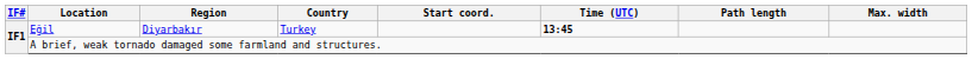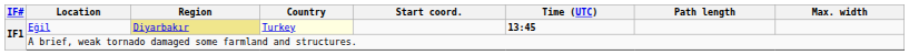 <table class="wikitable sortable" style="width:100%;">
 <tr>
 <th scope="col" width="2%" align="center"><a href='#'>IF#</a></th>
 <th scope="col" align="center" class="unsortable">Location</th>
 <th scope="col" align="center" class="unsortable">Region</th>
 <th scope="col" align="center">Country</th>
 <th scope="col" align="center">Start coord.</th>
 <th scope="col" align="center">Time (<a href='#'>UTC</a>)</th>
 <th scope="col" align="center">Path length</th>
 <th scope="col" align="center">Max. width</th>
 </tr>
 <tr>
 <th scope="row" rowspan="2" style="background-color:#">IF1</th>
 <td><a href='#'>Eğil</a></td>
-<td><a href='#'>Diyarbakır</a></td>
-<td><a href='#'>Turkey</a></td>
+<td style="background: khaki;"><a href='#'>Diyarbakır</a></td>
+<td style="background: lightyellow;"><a href='#'>Turkey</a></td>
 <td></td>
 <td><strong>13:45</strong></td>
 <td></td>
 <td></td>
 </tr>
 <tr class="expand-child">
 <td colspan="8" style=" border-bottom: 1px solid black;">A brief, weak tornado damaged some farmland and structures.</td>
 </tr>
 </table>
